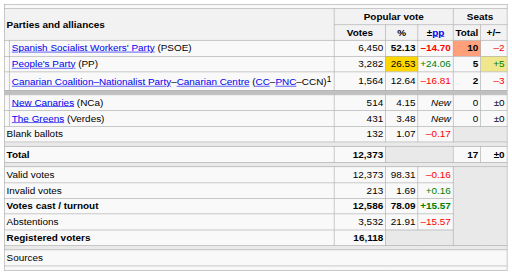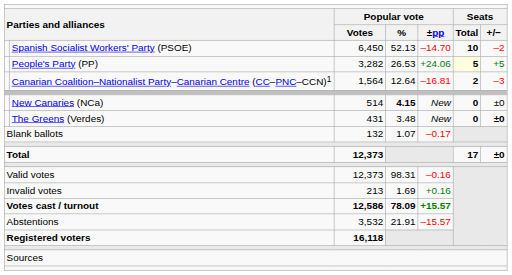 <table class="wikitable" style="text-align:right;">
 <tr>
 <td colspan="7"></td>
 </tr>
 <tr>
 <th style="text-align:left;" rowspan="2" colspan="2" width="525">Parties and alliances</th>
 <th colspan="3">Popular vote</th>
 <th colspan="2">Seats</th>
 </tr>
 <tr>
 <th width="75">Votes</th>
 <th width="45">%</th>
 <th width="45">±<a href='#'>pp</a></th>
 <th width="35">Total</th>
 <th width="35">+/−</th>
 </tr>
 <tr>
 <td width="1" style="color:inherit;background:"></td>
 <td align="left"><a href='#'>Spanish Socialist Workers' Party</a> (PSOE)</td>
 <td>6,450</td>
-<td><strong>52.13</strong></td>
-<td style="color:red;"><strong>–14.70</strong></td>
-<td style="background: lightsalmon;"><strong>10</strong></td>
+<td>52.13</td>
+<td style="color:red;">–14.70</td>
+<td><strong>10</strong></td>
 <td style="color:red;">–2</td>
 </tr>
 <tr>
 <td style="color:inherit;background:"></td>
 <td align="left"><a href='#'>People's Party</a> (PP)</td>
 <td>3,282</td>
-<td style="background: gold;">26.53</td>
+<td>26.53</td>
 <td style="color:green;">+24.06</td>
-<td><strong>5</strong></td>
-<td style="background: khaki; color:green;">+5</td>
+<td style="background: lightyellow;"><strong>5</strong></td>
+<td style="color:green;">+5</td>
 </tr>
 <tr>
 <td style="color:inherit;background:"></td>
 <td align="left"><a href='#'>Canarian Coalition–Nationalist Party</a>–<a href='#'>Canarian Centre</a> (<a href='#'>CC</a>–<a href='#'>PNC</a>–CCN)<sup>1</sup></td>
 <td>1,564</td>
 <td>12.64</td>
 <td style="color:red;">–16.81</td>
 <td><strong>2</strong></td>
 <td style="color:red;">–3</td>
 </tr>
 <tr>
 <td colspan="7" bgcolor="#C0C0C0"></td>
 </tr>
 <tr>
 <td style="color:inherit;background:"></td>
 <td align="left"><a href='#'>New Canaries</a> (NCa)</td>
 <td>514</td>
-<td>4.15</td>
+<td><strong>4.15</strong></td>
 <td><em>New</em></td>
-<td>0</td>
+<td><strong>0</strong></td>
 <td>±0</td>
 </tr>
 <tr>
 <td style="color:inherit;background:"></td>
 <td align="left"><a href='#'>The Greens</a> (Verdes)</td>
 <td>431</td>
 <td>3.48</td>
 <td><em>New</em></td>
-<td>0</td>
-<td>±0</td>
+<td><strong>0</strong></td>
+<td><strong>±0</strong></td>
 </tr>
 <tr>
 <td align="left" colspan="2">Blank ballots</td>
 <td>132</td>
 <td>1.07</td>
 <td style="color:red;">–0.17</td>
 <td bgcolor="#E9E9E9" colspan="2"></td>
 </tr>
 <tr>
 <td colspan="7" bgcolor="#E9E9E9"></td>
 </tr>
 <tr style="font-weight:bold;">
 <td align="left" colspan="2">Total</td>
 <td>12,373</td>
 <td bgcolor="#E9E9E9" colspan="2"></td>
 <td>17</td>
 <td>±0</td>
 </tr>
 <tr>
 <td colspan="7" bgcolor="#E9E9E9"></td>
 </tr>
 <tr>
 <td align="left" colspan="2">Valid votes</td>
 <td>12,373</td>
 <td>98.31</td>
 <td style="color:red;">–0.16</td>
 <td bgcolor="#E9E9E9" colspan="2" rowspan="5"></td>
 </tr>
 <tr>
 <td align="left" colspan="2">Invalid votes</td>
 <td>213</td>
 <td>1.69</td>
 <td style="color:green;">+0.16</td>
 </tr>
 <tr style="font-weight:bold;">
 <td align="left" colspan="2">Votes cast / turnout</td>
 <td>12,586</td>
 <td>78.09</td>
 <td style="color:green;">+15.57</td>
 </tr>
 <tr>
 <td align="left" colspan="2">Abstentions</td>
 <td>3,532</td>
 <td>21.91</td>
 <td style="color:red;">–15.57</td>
 </tr>
 <tr style="font-weight:bold;">
 <td align="left" colspan="2">Registered voters</td>
 <td>16,118</td>
 <td bgcolor="#E9E9E9" colspan="2"></td>
 </tr>
 <tr>
 <td colspan="7" bgcolor="#E9E9E9"></td>
 </tr>
 <tr>
 <td align="left" colspan="7">Sources</td>
 </tr>
 <tr>
 <td colspan="7" style="text-align:left; max-width:790px;"></td>
 </tr>
 </table>
